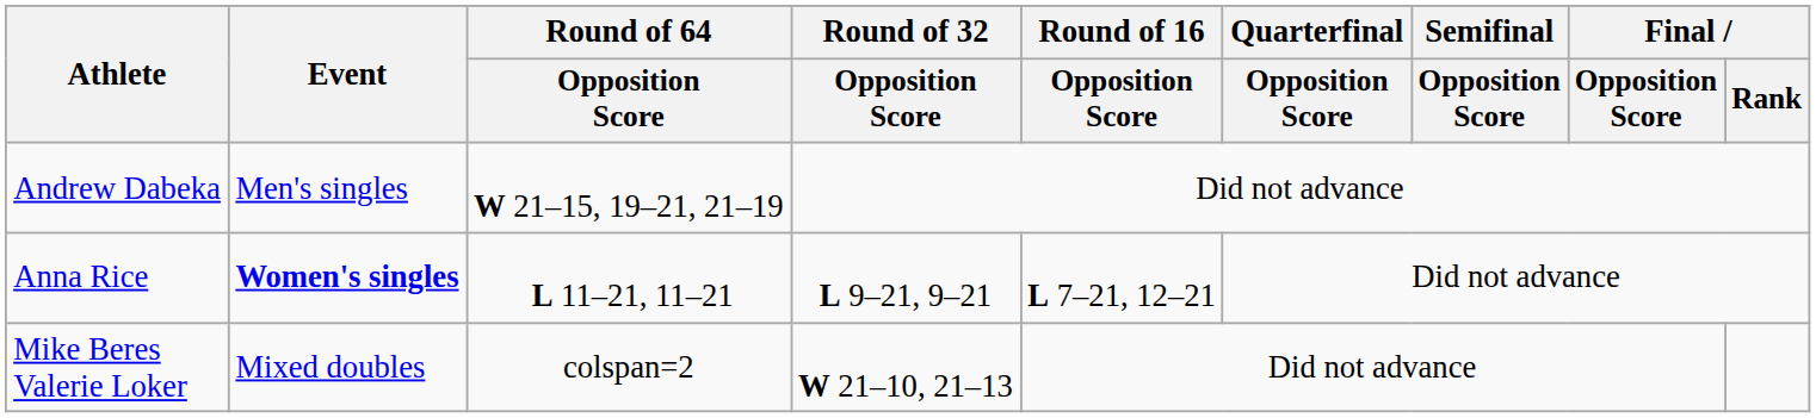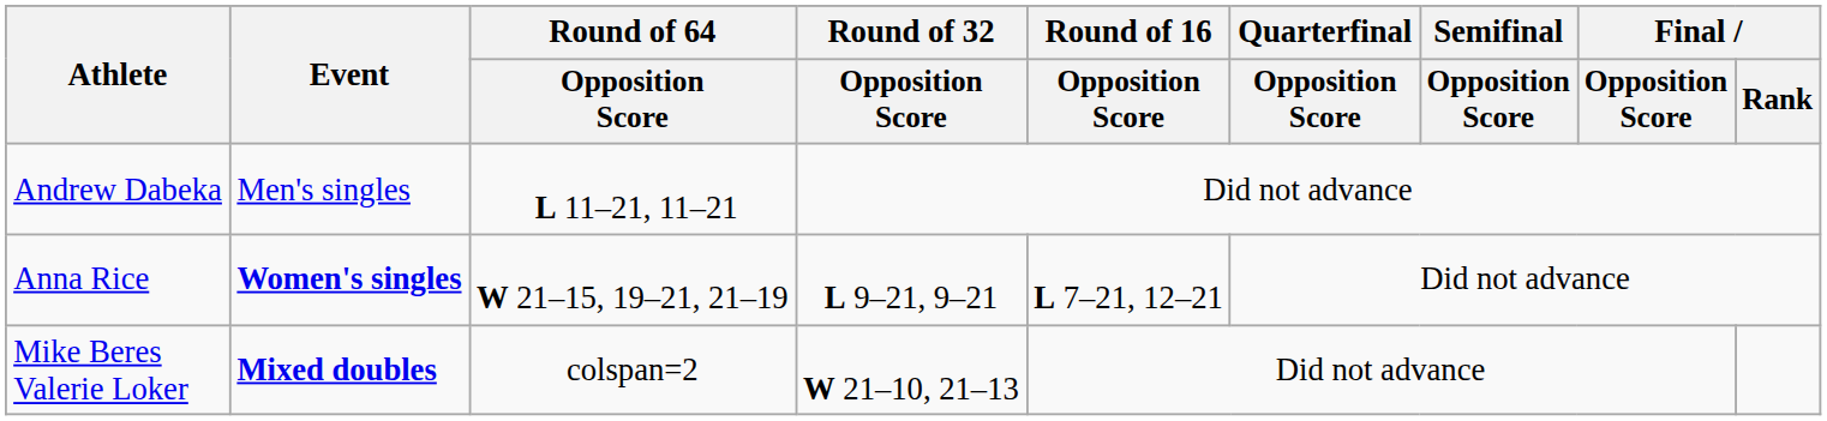 <table class=wikitable style="font-size:90%">
 <tr>
 <th rowspan="2">Athlete</th>
 <th rowspan="2">Event</th>
 <th>Round of 64</th>
 <th>Round of 32</th>
 <th>Round of 16</th>
 <th>Quarterfinal</th>
 <th>Semifinal</th>
 <th colspan=2>Final / </th>
 </tr>
 <tr style="font-size:95%">
 <th>Opposition<br>Score</th>
 <th>Opposition<br>Score</th>
 <th>Opposition<br>Score</th>
 <th>Opposition<br>Score</th>
 <th>Opposition<br>Score</th>
 <th>Opposition<br>Score</th>
 <th>Rank</th>
 </tr>
 <tr align=center>
 <td align=left><a href='#'>Andrew Dabeka</a></td>
 <td align=left><a href='#'>Men's singles</a></td>
-<td><br><strong>W</strong> 21–15, 19–21, 21–19</td>
+<td><br> <strong>L</strong> 11–21, 11–21</td>
 <td colspan=6>Did not advance</td>
 </tr>
 <tr align=center>
 <td align=left><a href='#'>Anna Rice</a></td>
 <td align=left><strong><a href='#'>Women's singles</a></strong></td>
-<td><br> <strong>L</strong> 11–21, 11–21</td>
+<td><br><strong>W</strong> 21–15, 19–21, 21–19</td>
 <td><br><strong>L</strong> 9–21, 9–21</td>
 <td><br><strong>L</strong> 7–21, 12–21</td>
 <td colspan=4>Did not advance</td>
 </tr>
 <tr align=center>
 <td align=left><a href='#'>Mike Beres</a><br><a href='#'>Valerie Loker</a></td>
-<td align=left><a href='#'>Mixed doubles</a></td>
+<td align=left><strong><a href='#'>Mixed doubles</a></strong></td>
 <td>colspan=2 </td>
 <td><br><strong>W</strong> 21–10, 21–13</td>
 <td colspan=4>Did not advance</td>
 </tr>
 </table>
